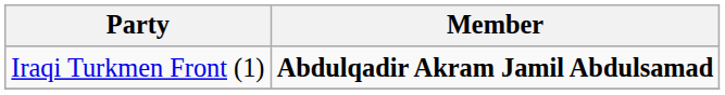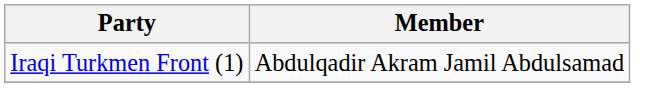 <table class=wikitable>
 <tr>
 <th>Party</th>
 <th>Member</th>
 </tr>
 <tr>
 <td rowspan=1><a href='#'>Iraqi Turkmen Front</a> (1)</td>
-<td><strong>Abdulqadir Akram Jamil Abdulsamad</strong></td>
+<td>Abdulqadir Akram Jamil Abdulsamad</td>
 </tr>
 <tr>
 </tr>
 </table>
